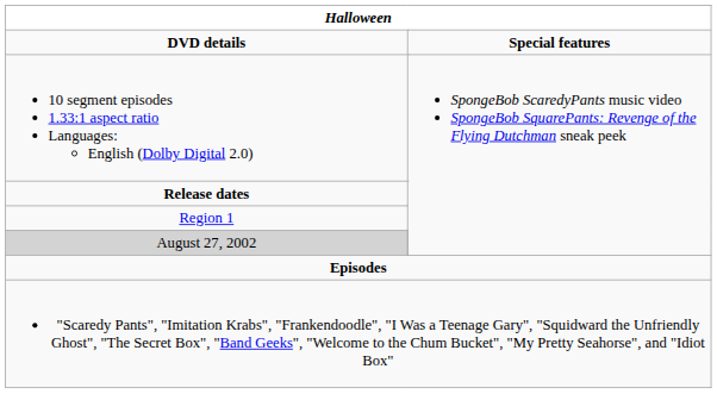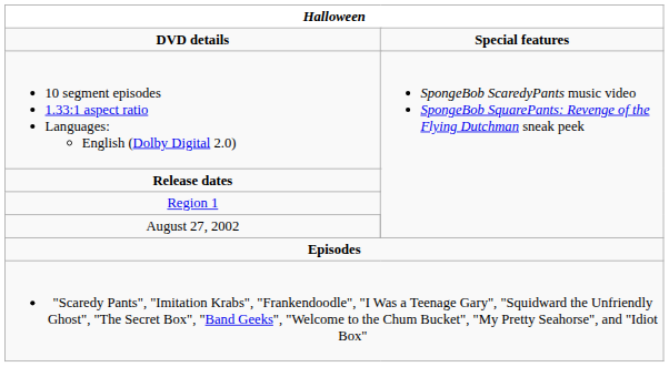 <table class="wikitable" style="font-size: 95%;">
 <tr style="background:#FFF; color:#000;">
 <td colspan="4" align="center"><strong><em>Halloween</em></strong></td>
 </tr>
 <tr valign="top">
 <td style="text-align:center; width:400px;" colspan="3"><strong>DVD details</strong></td>
 <td style="width:300px; text-align:center;"><strong>Special features</strong></td>
 </tr>
 <tr valign="top">
 <td colspan="3" style="text-align:left; width:400px;"><br><ul><li>10 segment episodes</li><li><a href='#'>1.33:1 aspect ratio</a></li><li>Languages:<ul><li>English (<a href='#'>Dolby Digital</a> 2.0)</li></ul></li></ul></td>
 <td rowspan="4" style="text-align:left; width:300px;"><br><ul><li><em>SpongeBob ScaredyPants</em> music video</li><li><em><a href='#'>SpongeBob SquarePants: Revenge of the Flying Dutchman</a></em> sneak peek</li></ul></td>
 </tr>
 <tr>
 <td colspan="3" style="text-align:center;"><strong>Release dates</strong></td>
 </tr>
 <tr>
 <td colspan="3" style="text-align:center;"><a href='#'>Region 1</a></td>
 </tr>
 <tr style="text-align:center;">
-<td style="background: lightgrey;">August 27, 2002</td>
+<td>August 27, 2002</td>
 </tr>
 <tr>
 <td style="text-align:center; width:400px;" colspan="4"><strong>Episodes</strong></td>
 </tr>
 <tr>
 <td style="text-align:center; width:400px;" colspan="4"><br><ul><li>"Scaredy Pants", "Imitation Krabs", "Frankendoodle", "I Was a Teenage Gary", "Squidward the Unfriendly Ghost", "The Secret Box", "<a href='#'>Band Geeks</a>", "Welcome to the Chum Bucket", "My Pretty Seahorse", and "Idiot Box"</li></ul></td>
 </tr>
 </table>
